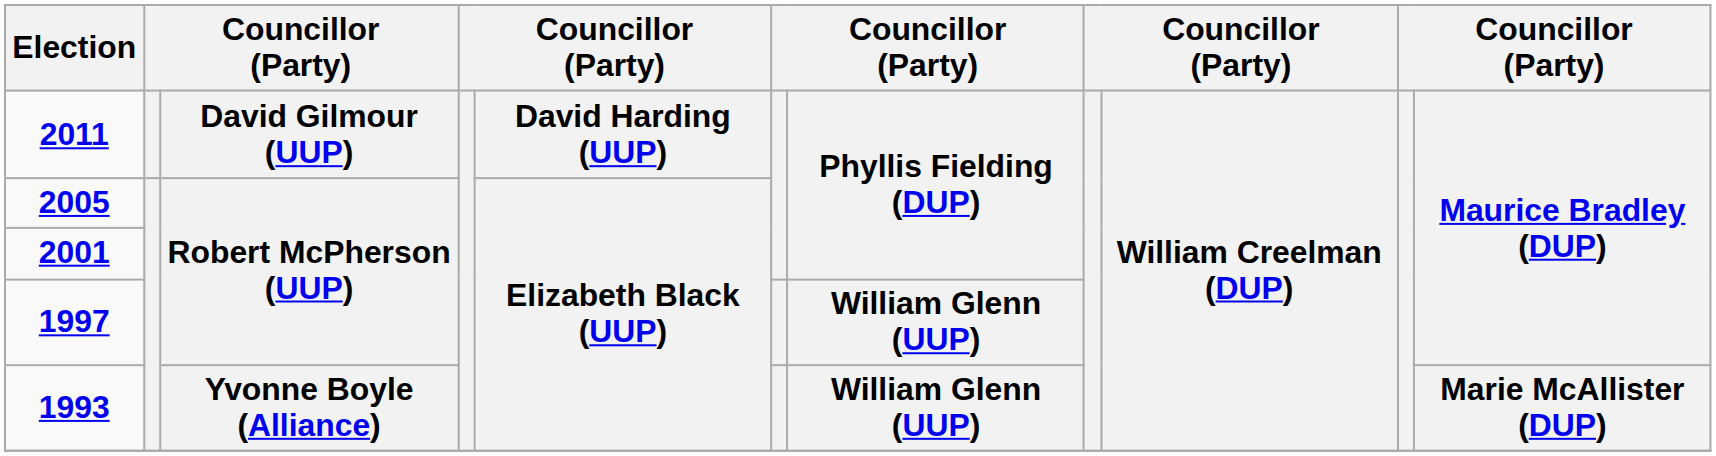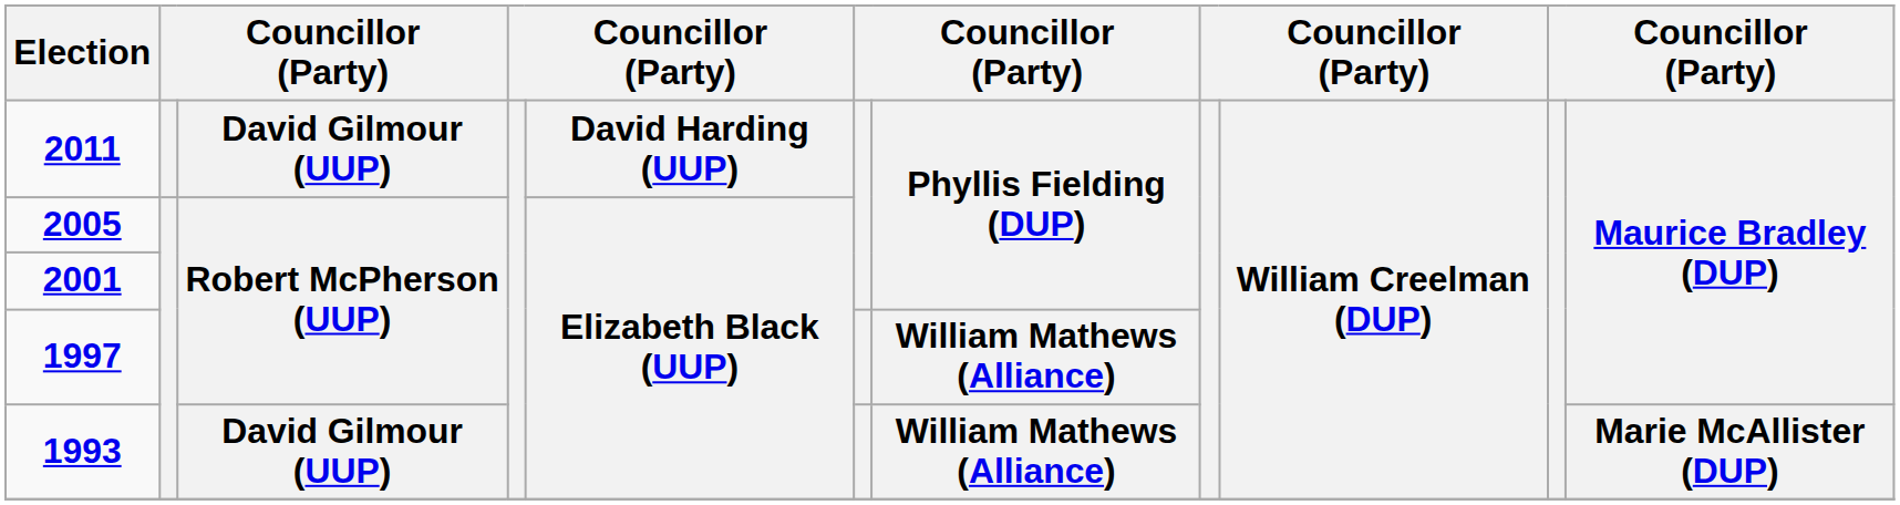 <table class="wikitable" style="text-align:center">
 <tr>
 <th scope="col" width="50">Election</th>
 <th scope="col" width="150" colspan = "2">Councillor<br> (Party)</th>
 <th scope="col" width="150" colspan = "2">Councillor<br> (Party)</th>
 <th scope="col" width="150" colspan = "2">Councillor<br> (Party)</th>
 <th scope="col" width="150" colspan = "2">Councillor<br> (Party)</th>
 <th scope="col" width="150" colspan = "2">Councillor<br> (Party)</th>
 </tr>
 <tr>
 <td><strong><a href='#'>2011</a></strong></td>
 <th rowspan="1" width="1" style="background-color: "></th>
 <th rowspan = "1">David Gilmour <br> (<a href='#'>UUP</a>)</th>
 <th rowspan="5" width="1" style="background-color: "></th>
 <th rowspan = "1">David Harding <br> (<a href='#'>UUP</a>)</th>
 <th rowspan="3" width="1" style="background-color: "></th>
 <th rowspan = "3">Phyllis Fielding <br> (<a href='#'>DUP</a>)</th>
 <th rowspan="5" width="1" style="background-color: "></th>
 <th rowspan = "5">William Creelman <br> (<a href='#'>DUP</a>)</th>
 <th rowspan="5" width="1" style="background-color: "></th>
 <th rowspan = "4"><a href='#'>Maurice Bradley</a> <br> (<a href='#'>DUP</a>)</th>
 </tr>
 <tr>
 <td><strong><a href='#'>2005</a></strong></td>
 <th rowspan="4" width="1" style="background-color: "></th>
 <th rowspan = "3">Robert McPherson <br> (<a href='#'>UUP</a>)</th>
 <th rowspan = "4">Elizabeth Black <br> (<a href='#'>UUP</a>)</th>
 </tr>
 <tr>
 <td><strong><a href='#'>2001</a></strong></td>
 </tr>
 <tr>
 <td><strong><a href='#'>1997</a></strong></td>
 <th rowspan="1" width="1" style="background-color: "></th>
-<th rowspan = "1">William Glenn <br> (<a href='#'>UUP</a>)</th>
+<th rowspan = "1">William Mathews <br> (<a href='#'>Alliance</a>)</th>
 </tr>
 <tr>
 <td><strong><a href='#'>1993</a></strong></td>
-<th rowspan = "1">Yvonne Boyle <br> (<a href='#'>Alliance</a>)</th>
+<th rowspan = "1">David Gilmour <br> (<a href='#'>UUP</a>)</th>
 <th rowspan="1" width="1" style="background-color: "></th>
-<th rowspan = "1">William Glenn <br> (<a href='#'>UUP</a>)</th>
+<th rowspan = "1">William Mathews <br> (<a href='#'>Alliance</a>)</th>
 <th rowspan = "1">Marie McAllister <br> (<a href='#'>DUP</a>)</th>
 </tr>
 <tr>
 </tr>
 </table>
